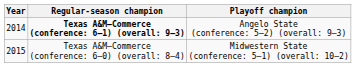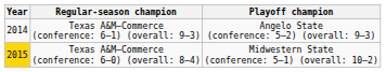 <table class="wikitable" style="text-align:center">
 <tr>
 <th>Year</th>
 <th>Regular-season champion</th>
 <th>Playoff champion</th>
 </tr>
 <tr>
 <td>2014</td>
-<td><strong>Texas A&M–Commerce<br>(conference: 6–1) (overall: 9–3)</strong></td>
+<td>Texas A&M–Commerce<br>(conference: 6–1) (overall: 9–3)</td>
 <td>Angelo State<br>(conference: 5–2) (overall: 9–3)</td>
 </tr>
 <tr>
-<td>2015</td>
+<td style="background: gold;">2015</td>
 <td>Texas A&M–Commerce<br>(conference: 6–0) (overall: 8–4)</td>
 <td>Midwestern State<br>(conference: 5–1) (overall: 10–2)</td>
 </tr>
 </table>
